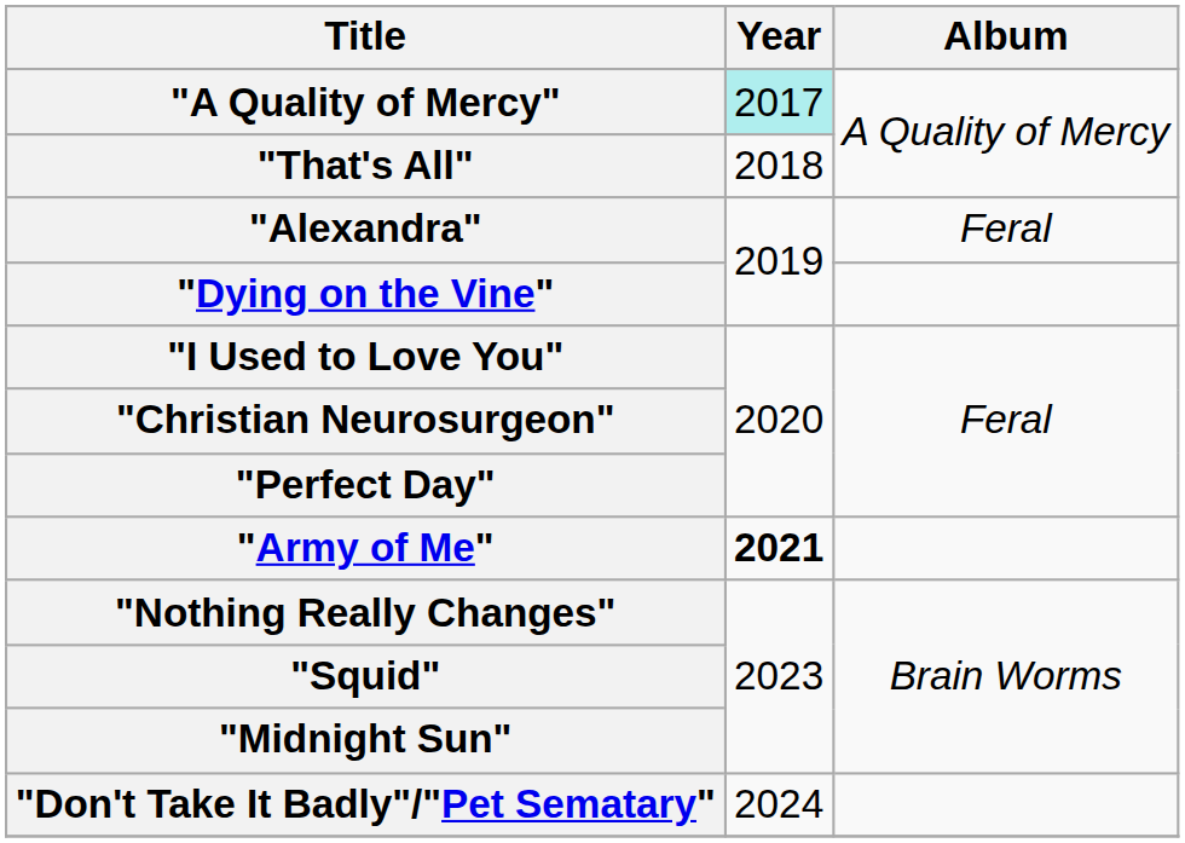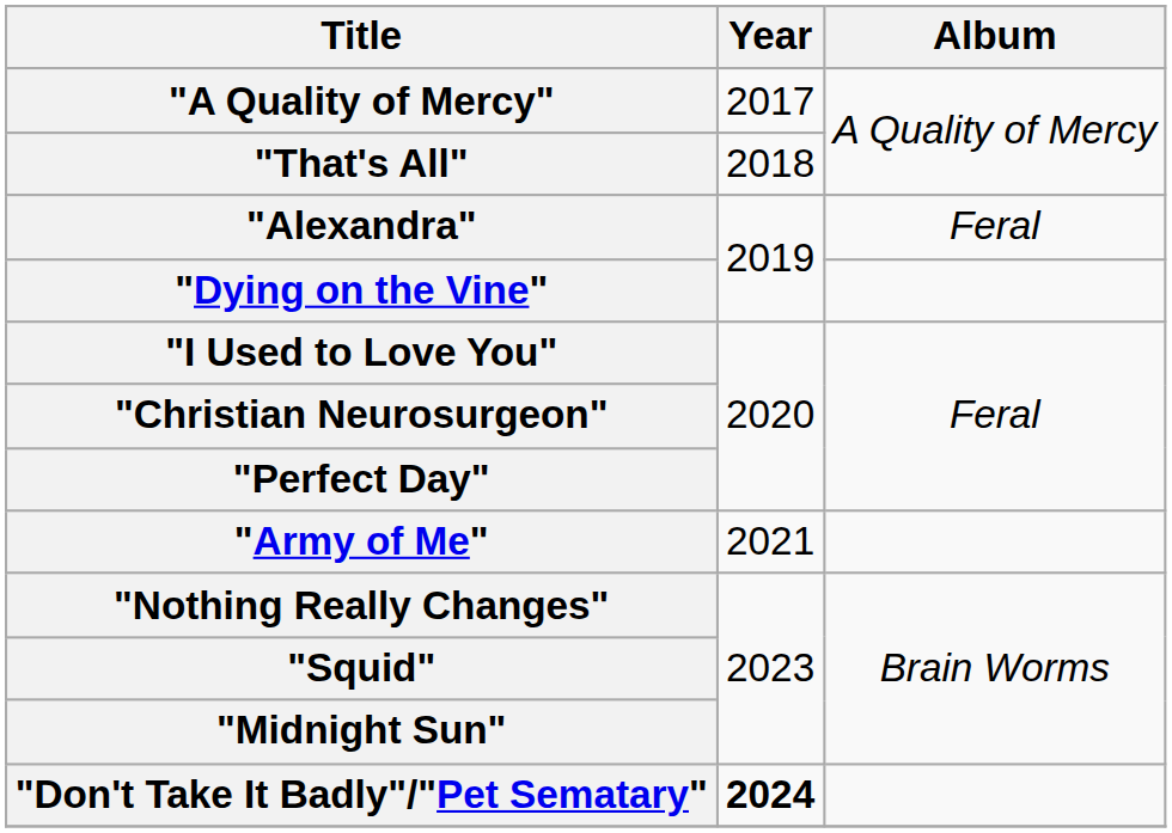 <table class="wikitable plainrowheaders" style="text-align:center;">
 <tr>
 <th>Title</th>
 <th>Year</th>
 <th>Album</th>
 </tr>
 <tr>
 <th scope="row">"A Quality of Mercy"</th>
-<td style="background: paleturquoise;">2017</td>
+<td>2017</td>
 <td rowspan=2><em>A Quality of Mercy</em></td>
 </tr>
 <tr>
 <th scope="row">"That's All"</th>
 <td>2018</td>
 </tr>
 <tr>
 <th scope="row">"Alexandra"</th>
 <td rowspan=2>2019</td>
 <td><em>Feral</em></td>
 </tr>
 <tr>
 <th scope="row">"<a href='#'>Dying on the Vine</a>"</th>
 <td></td>
 </tr>
 <tr>
 <th scope="row">"I Used to Love You"</th>
 <td rowspan=3>2020</td>
 <td rowspan=3><em>Feral</em></td>
 </tr>
 <tr>
 <th scope="row">"Christian Neurosurgeon"</th>
 </tr>
 <tr>
 <th scope="row">"Perfect Day"</th>
 </tr>
 <tr>
 <th scope="row">"<a href='#'>Army of Me</a>" </th>
-<td><strong>2021</strong></td>
+<td>2021</td>
 <td></td>
 </tr>
 <tr>
 <th scope="row">"Nothing Really Changes"</th>
 <td rowspan="3">2023</td>
 <td rowspan="3"><em>Brain Worms</em></td>
 </tr>
 <tr>
 <th scope="row">"Squid"</th>
 </tr>
 <tr>
 <th scope="row">"Midnight Sun"</th>
 </tr>
 <tr>
 <th scope="row">"Don't Take It Badly"/"<a href='#'>Pet Sematary</a>"</th>
-<td>2024</td>
+<td><strong>2024</strong></td>
 <td rowspan=1></td>
 </tr>
 <tr>
 </tr>
 </table>
